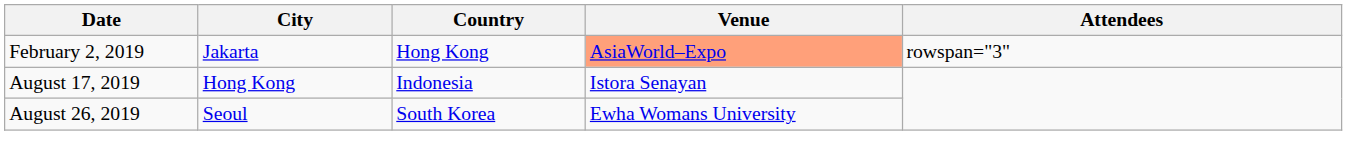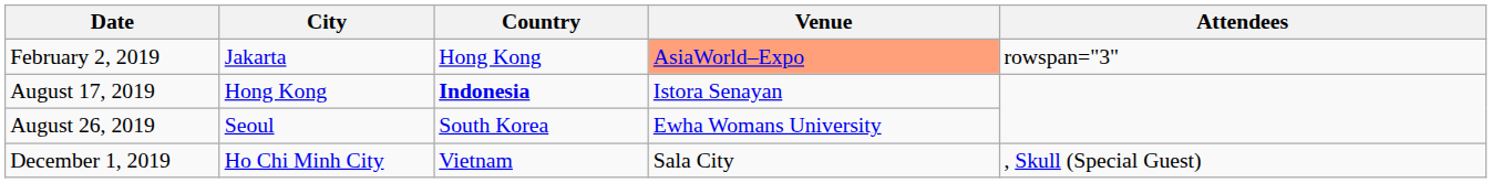 <table class="wikitable">
 <tr>
 <th style="width:150px;">Date</th>
 <th style="width:150px;">City</th>
 <th style="width:150px;">Country</th>
 <th style="width:250px;">Venue</th>
 <th style="width:350px;">Attendees</th>
 </tr>
 <tr>
 <td>February 2, 2019</td>
 <td><a href='#'>Jakarta</a></td>
 <td><a href='#'>Hong Kong</a></td>
 <td style="background: lightsalmon;"><a href='#'>AsiaWorld–Expo</a></td>
 <td>rowspan="3" </td>
 </tr>
 <tr>
 <td>August 17, 2019</td>
 <td><a href='#'>Hong Kong</a></td>
-<td><a href='#'>Indonesia</a></td>
+<td><strong><a href='#'>Indonesia</a></strong></td>
 <td><a href='#'>Istora Senayan</a></td>
 </tr>
 <tr>
 <td>August 26, 2019</td>
 <td><a href='#'>Seoul</a></td>
 <td><a href='#'>South Korea</a></td>
 <td><a href='#'>Ewha Womans University</a></td>
 </tr>
+<tr>
+<td>December 1, 2019</td>
+<td><a href='#'>Ho Chi Minh City</a></td>
+<td><a href='#'>Vietnam</a></td>
+<td>Sala City</td>
+<td>, <a href='#'>Skull</a> (Special Guest)</td>
+</tr>
 </table>
